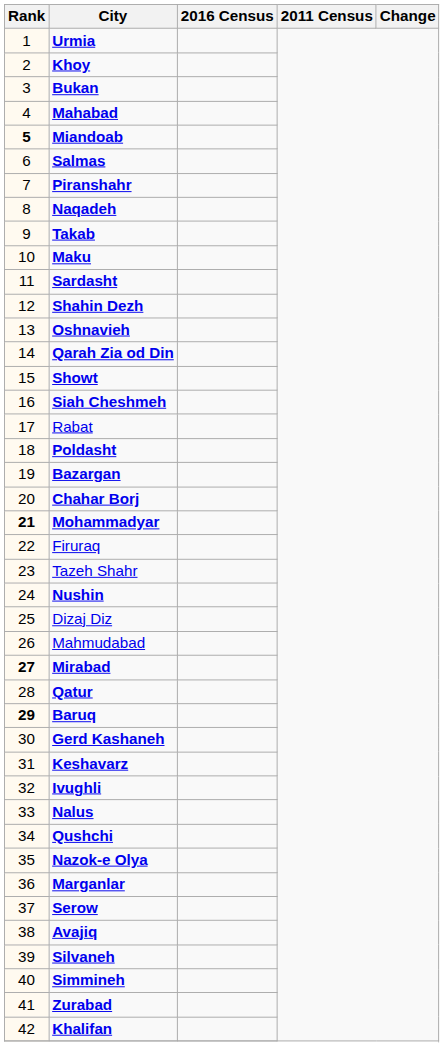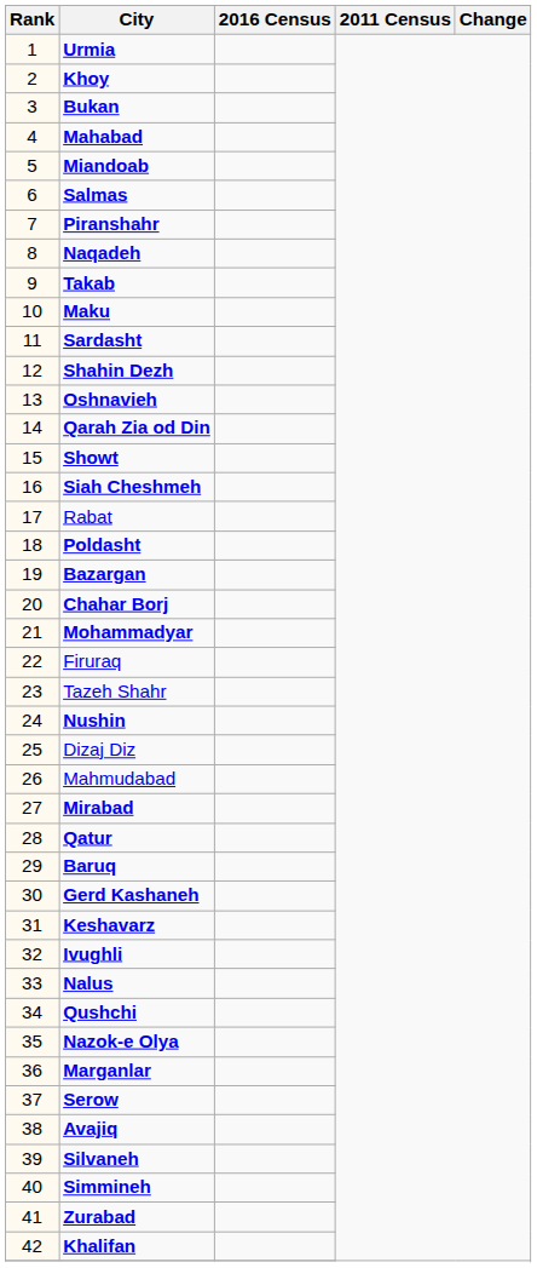 <table class="wikitable sortable">
 <tr>
 <th>Rank</th>
 <th>City</th>
 <th>2016 Census</th>
 <th>2011 Census</th>
 <th>Change</th>
 </tr>
 <tr>
 <td align=center bgcolor="FFFAF0">1</td>
 <td><strong><a href='#'>Urmia</a></strong></td>
 <td></td>
 </tr>
 <tr>
 <td align=center bgcolor="FFFAF0">2</td>
 <td><strong><a href='#'>Khoy</a></strong></td>
 <td></td>
 </tr>
 <tr>
 <td align=center bgcolor="FFFAF0">3</td>
 <td><strong><a href='#'>Bukan</a></strong></td>
 <td></td>
 </tr>
 <tr>
 <td align=center bgcolor="FFFAF0">4</td>
 <td><strong><a href='#'>Mahabad</a></strong></td>
 <td></td>
 </tr>
 <tr>
-<td align=center bgcolor="FFFAF0"><strong>5</strong></td>
+<td align=center bgcolor="FFFAF0">5</td>
 <td><strong><a href='#'>Miandoab</a></strong></td>
 <td></td>
 </tr>
 <tr>
 <td align=center bgcolor="FFFAF0">6</td>
 <td><strong><a href='#'>Salmas</a></strong></td>
 <td></td>
 </tr>
 <tr>
 <td align=center bgcolor="FFFAF0">7</td>
 <td><strong><a href='#'>Piranshahr</a></strong></td>
 <td></td>
 </tr>
 <tr>
 <td align=center bgcolor="FFFAF0">8</td>
 <td><strong><a href='#'>Naqadeh</a></strong></td>
 <td></td>
 </tr>
 <tr>
 <td align=center bgcolor="FFFAF0">9</td>
 <td><strong><a href='#'>Takab</a></strong></td>
 <td></td>
 </tr>
 <tr>
 <td align=center bgcolor="FFFAF0">10</td>
 <td><strong><a href='#'>Maku</a></strong></td>
 <td></td>
 </tr>
 <tr>
 <td align=center bgcolor="FFFAF0">11</td>
 <td><strong><a href='#'>Sardasht</a></strong></td>
 <td></td>
 </tr>
 <tr>
 <td align=center bgcolor="FFFAF0">12</td>
 <td><strong><a href='#'>Shahin Dezh</a></strong></td>
 <td></td>
 </tr>
 <tr>
 <td align=center bgcolor="FFFAF0">13</td>
 <td><strong><a href='#'>Oshnavieh</a></strong></td>
 <td></td>
 </tr>
 <tr>
 <td align=center bgcolor="FFFAF0">14</td>
 <td><strong><a href='#'>Qarah Zia od Din</a></strong></td>
 <td></td>
 </tr>
 <tr>
 <td align=center bgcolor="FFFAF0">15</td>
 <td><strong><a href='#'>Showt</a></strong></td>
 <td></td>
 </tr>
 <tr>
 <td align=center bgcolor="FFFAF0">16</td>
 <td><strong><a href='#'>Siah Cheshmeh</a></strong></td>
 <td></td>
 </tr>
 <tr>
 <td align=center bgcolor="FFFAF0">17</td>
 <td><a href='#'>Rabat</a></td>
 <td></td>
 </tr>
 <tr>
 <td align=center bgcolor="FFFAF0">18</td>
 <td><strong><a href='#'>Poldasht</a></strong></td>
 <td></td>
 </tr>
 <tr>
 <td align=center bgcolor="FFFAF0">19</td>
 <td><strong><a href='#'>Bazargan</a></strong></td>
 <td></td>
 </tr>
 <tr>
 <td align=center bgcolor="FFFAF0">20</td>
 <td><strong><a href='#'>Chahar Borj</a></strong></td>
 <td></td>
 </tr>
 <tr>
-<td align=center bgcolor="FFFAF0"><strong>21</strong></td>
+<td align=center bgcolor="FFFAF0">21</td>
 <td><strong><a href='#'>Mohammadyar</a></strong></td>
 <td></td>
 </tr>
 <tr>
 <td align=center bgcolor="FFFAF0">22</td>
 <td><a href='#'>Firuraq</a></td>
 <td></td>
 </tr>
 <tr>
 <td align=center bgcolor="FFFAF0">23</td>
 <td><a href='#'>Tazeh Shahr</a></td>
 <td></td>
 </tr>
 <tr>
 <td align=center bgcolor="FFFAF0">24</td>
 <td><strong><a href='#'>Nushin</a></strong></td>
 <td></td>
 </tr>
 <tr>
 <td align=center bgcolor="FFFAF0">25</td>
 <td><a href='#'>Dizaj Diz</a></td>
 <td></td>
 </tr>
 <tr>
 <td align=center bgcolor="FFFAF0">26</td>
 <td><a href='#'>Mahmudabad</a></td>
 <td></td>
 </tr>
 <tr>
-<td align=center bgcolor="FFFAF0"><strong>27</strong></td>
+<td align=center bgcolor="FFFAF0">27</td>
 <td><strong><a href='#'>Mirabad</a></strong></td>
 <td></td>
 </tr>
 <tr>
 <td align=center bgcolor="FFFAF0">28</td>
 <td><strong><a href='#'>Qatur</a></strong></td>
 <td></td>
 </tr>
 <tr>
-<td align=center bgcolor="FFFAF0"><strong>29</strong></td>
+<td align=center bgcolor="FFFAF0">29</td>
 <td><strong><a href='#'>Baruq</a></strong></td>
 <td></td>
 </tr>
 <tr>
 <td align=center bgcolor="FFFAF0">30</td>
 <td><strong><a href='#'>Gerd Kashaneh</a></strong></td>
 <td></td>
 </tr>
 <tr>
 <td align=center bgcolor="FFFAF0">31</td>
 <td><strong><a href='#'>Keshavarz</a></strong></td>
 <td></td>
 </tr>
 <tr>
 <td align=center bgcolor="FFFAF0">32</td>
 <td><strong><a href='#'>Ivughli</a></strong></td>
 <td></td>
 </tr>
 <tr>
 <td align=center bgcolor="FFFAF0">33</td>
 <td><strong><a href='#'>Nalus</a></strong></td>
 <td></td>
 </tr>
 <tr>
 <td align=center bgcolor="FFFAF0">34</td>
 <td><strong><a href='#'>Qushchi</a></strong></td>
 <td></td>
 </tr>
 <tr>
 <td align=center bgcolor="FFFAF0">35</td>
 <td><strong><a href='#'>Nazok-e Olya</a></strong></td>
 <td></td>
 </tr>
 <tr>
 <td align=center bgcolor="FFFAF0">36</td>
 <td><strong><a href='#'>Marganlar</a></strong></td>
 <td></td>
 </tr>
 <tr>
 <td align=center bgcolor="FFFAF0">37</td>
 <td><strong><a href='#'>Serow</a></strong></td>
 <td></td>
 </tr>
 <tr>
 <td align=center bgcolor="FFFAF0">38</td>
 <td><strong><a href='#'>Avajiq</a></strong></td>
 <td></td>
 </tr>
 <tr>
 <td align=center bgcolor="FFFAF0">39</td>
 <td><strong><a href='#'>Silvaneh</a></strong></td>
 <td></td>
 </tr>
 <tr>
 <td align=center bgcolor="FFFAF0">40</td>
 <td><strong><a href='#'>Simmineh</a></strong></td>
 <td></td>
 </tr>
 <tr>
 <td align=center bgcolor="FFFAF0">41</td>
 <td><strong><a href='#'>Zurabad</a></strong></td>
 <td></td>
 </tr>
 <tr>
 <td align=center bgcolor="FFFAF0">42</td>
 <td><strong><a href='#'>Khalifan</a></strong></td>
 <td></td>
 </tr>
 <tr>
 </tr>
 </table>
